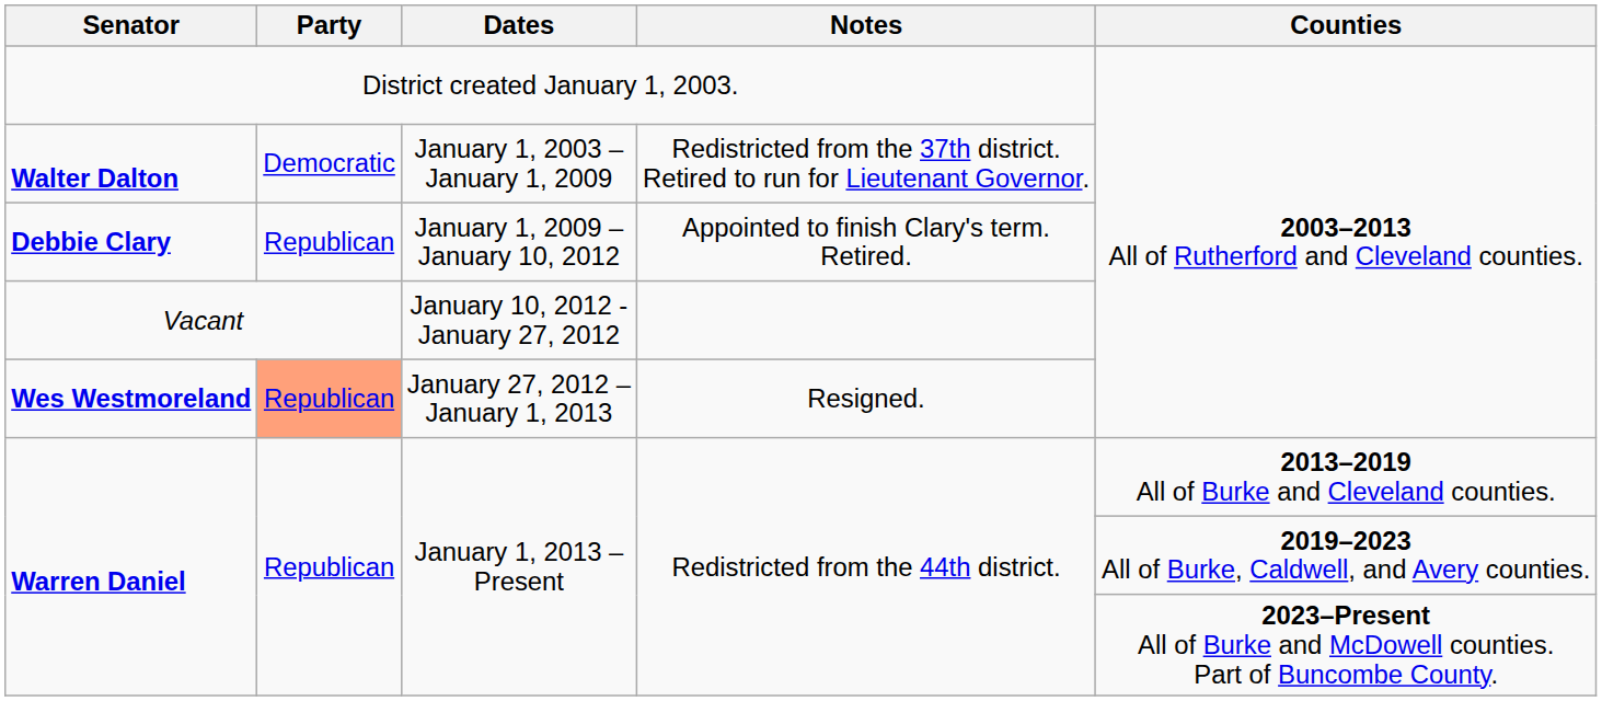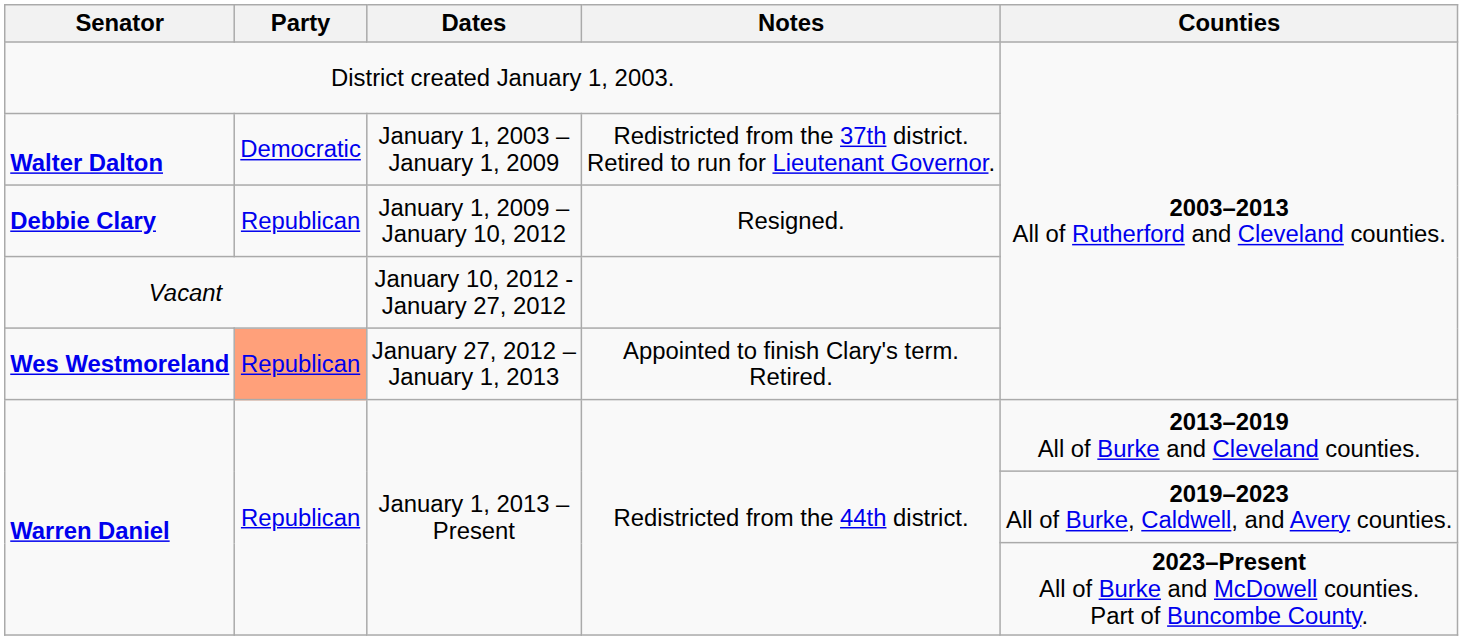 <table class=wikitable style="text-align:center">
 <tr>
 <th>Senator</th>
 <th>Party</th>
 <th>Dates</th>
 <th>Notes</th>
 <th>Counties</th>
 </tr>
 <tr style="height:3em">
 <td colspan=4>District created January 1, 2003.</td>
 <td rowspan=5><strong>2003–2013</strong><br> All of <a href='#'>Rutherford</a> and <a href='#'>Cleveland</a> counties.</td>
 </tr>
 <tr style="height:3em">
 <td align=left><br><strong><a href='#'>Walter Dalton</a></strong></td>
 <td><a href='#'>Democratic</a></td>
 <td nowrap>January 1, 2003 – <br> January 1, 2009</td>
 <td>Redistricted from the <a href='#'>37th</a> district. <br> Retired to run for <a href='#'>Lieutenant Governor</a>.</td>
 </tr>
 <tr style="height:3em">
 <td align=left><strong><a href='#'>Debbie Clary</a></strong></td>
 <td><a href='#'>Republican</a></td>
 <td nowrap>January 1, 2009 – <br> January 10, 2012</td>
-<td>Appointed to finish Clary's term. <br> Retired.</td>
+<td>Resigned.</td>
 </tr>
 <tr style="height:3em">
 <td colspan=2><em>Vacant</em></td>
 <td>January 10, 2012 - <br> January 27, 2012</td>
 <td></td>
 </tr>
 <tr style="height:3em">
 <td align=left><strong><a href='#'>Wes Westmoreland</a></strong></td>
 <td style="background: lightsalmon;"><a href='#'>Republican</a></td>
 <td nowrap>January 27, 2012 – <br> January 1, 2013</td>
-<td>Resigned.</td>
+<td>Appointed to finish Clary's term. <br> Retired.</td>
 </tr>
 <tr style="height:3em">
 <td rowspan=3 align=left><br><strong><a href='#'>Warren Daniel</a></strong></td>
 <td rowspan=3 ><a href='#'>Republican</a></td>
 <td rowspan=3 nowrap>January 1, 2013 – <br> Present</td>
 <td rowspan=3>Redistricted from the <a href='#'>44th</a> district.</td>
 <td><strong>2013–2019</strong><br> All of <a href='#'>Burke</a> and <a href='#'>Cleveland</a> counties.</td>
 </tr>
 <tr style="height:3em">
 <td><strong>2019–2023</strong><br> All of <a href='#'>Burke</a>, <a href='#'>Caldwell</a>, and <a href='#'>Avery</a> counties.</td>
 </tr>
 <tr style="height:3em">
 <td><strong>2023–Present</strong><br> All of <a href='#'>Burke</a> and <a href='#'>McDowell</a> counties. <br> Part of <a href='#'>Buncombe County</a>.</td>
 </tr>
 </table>
